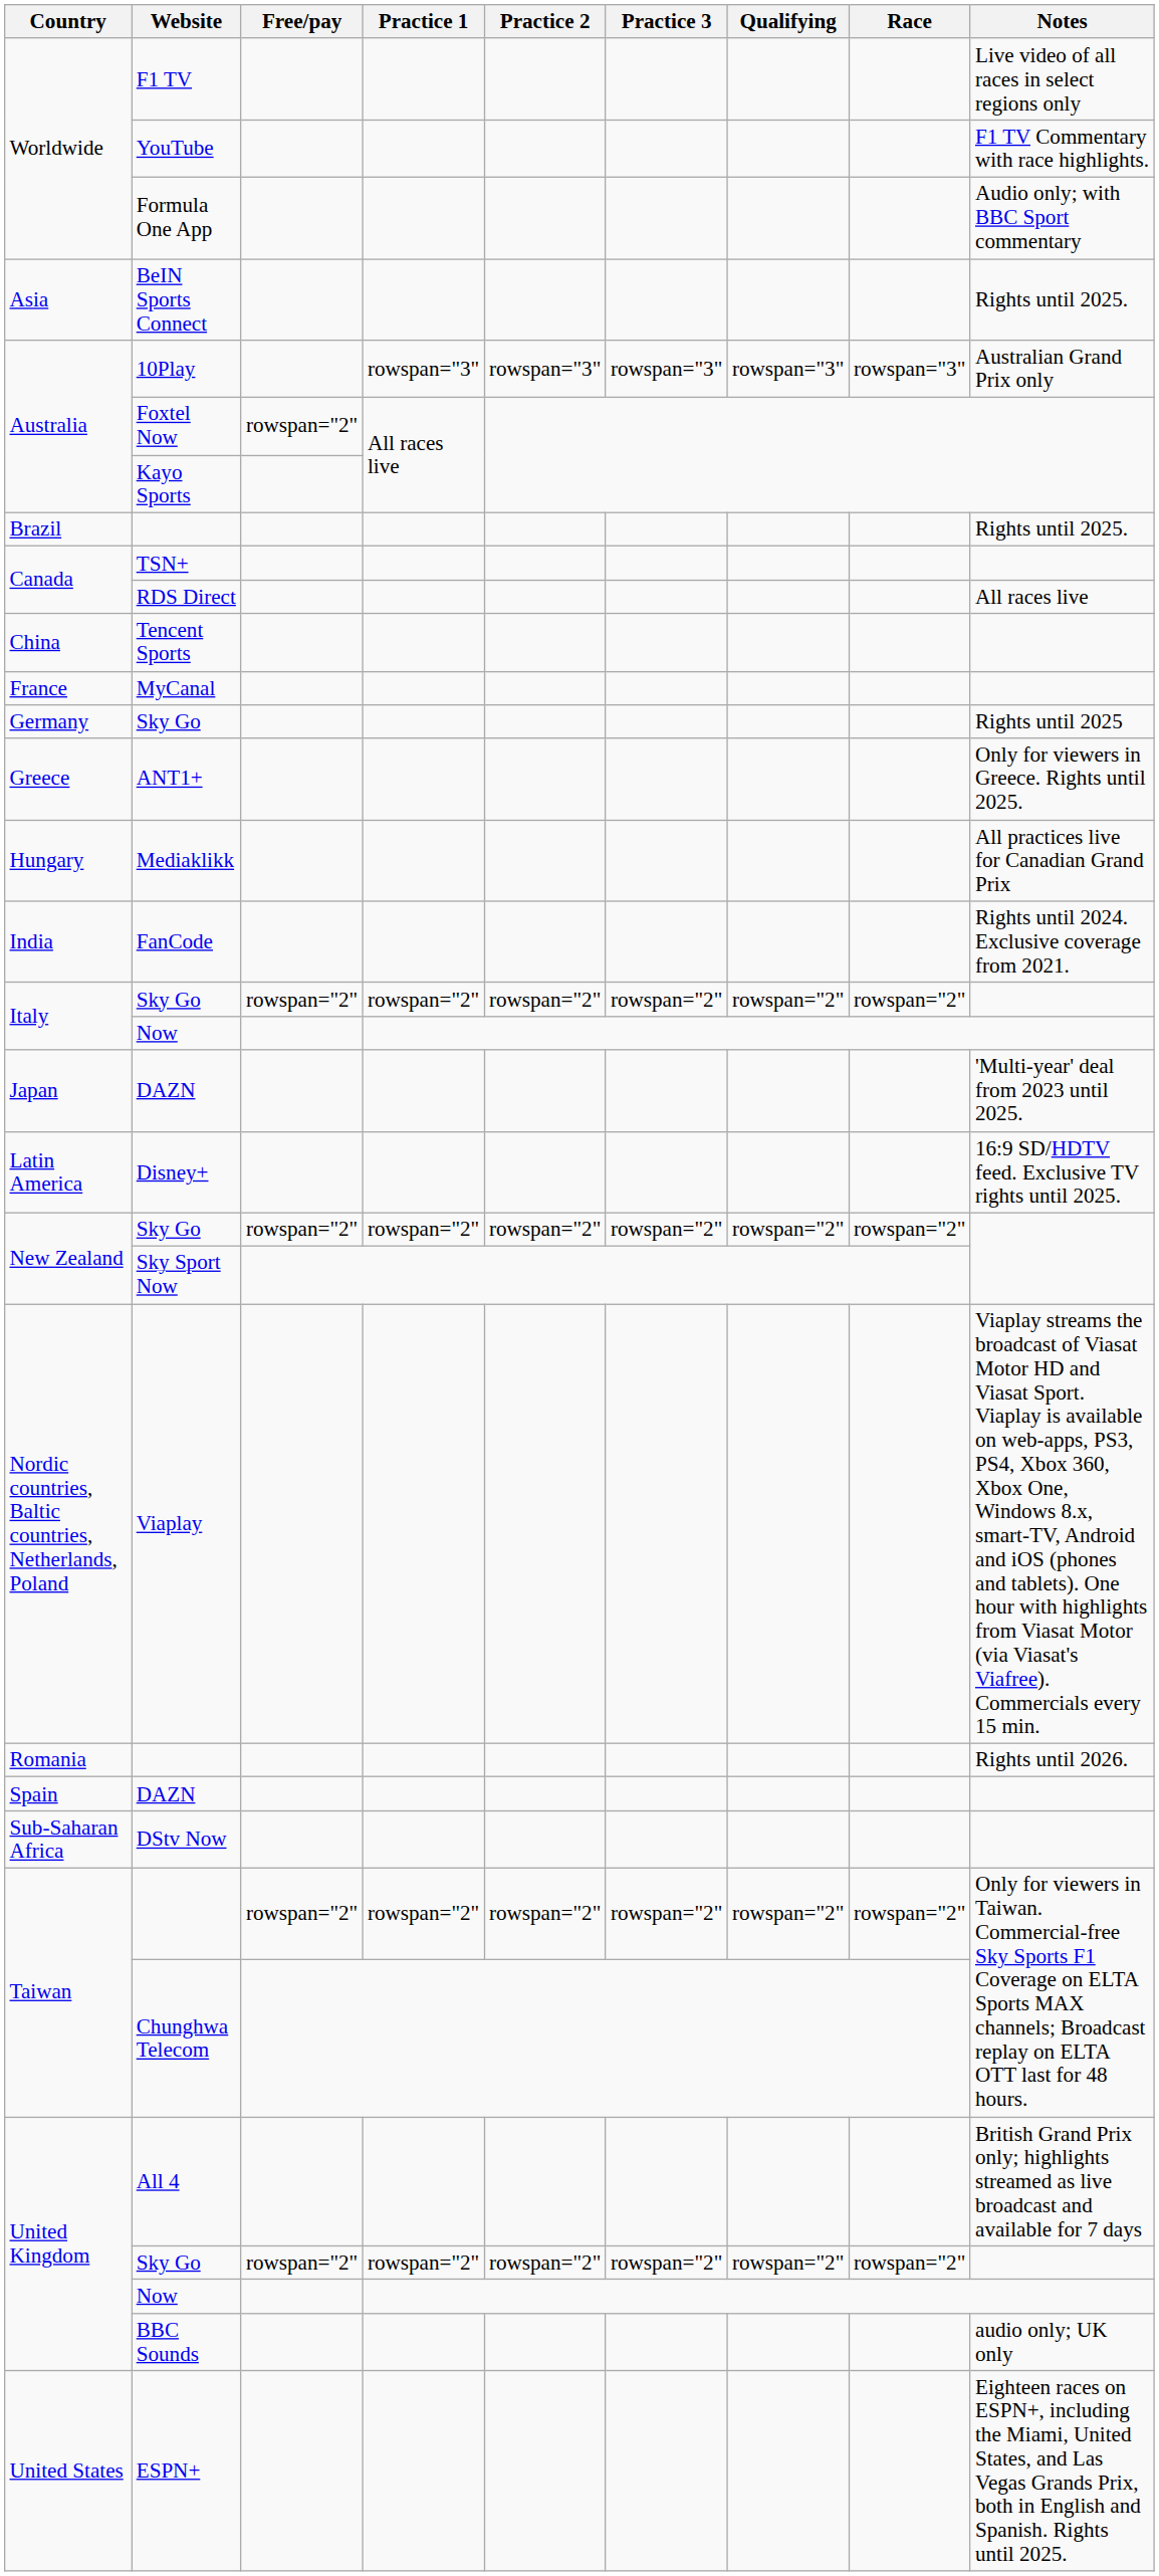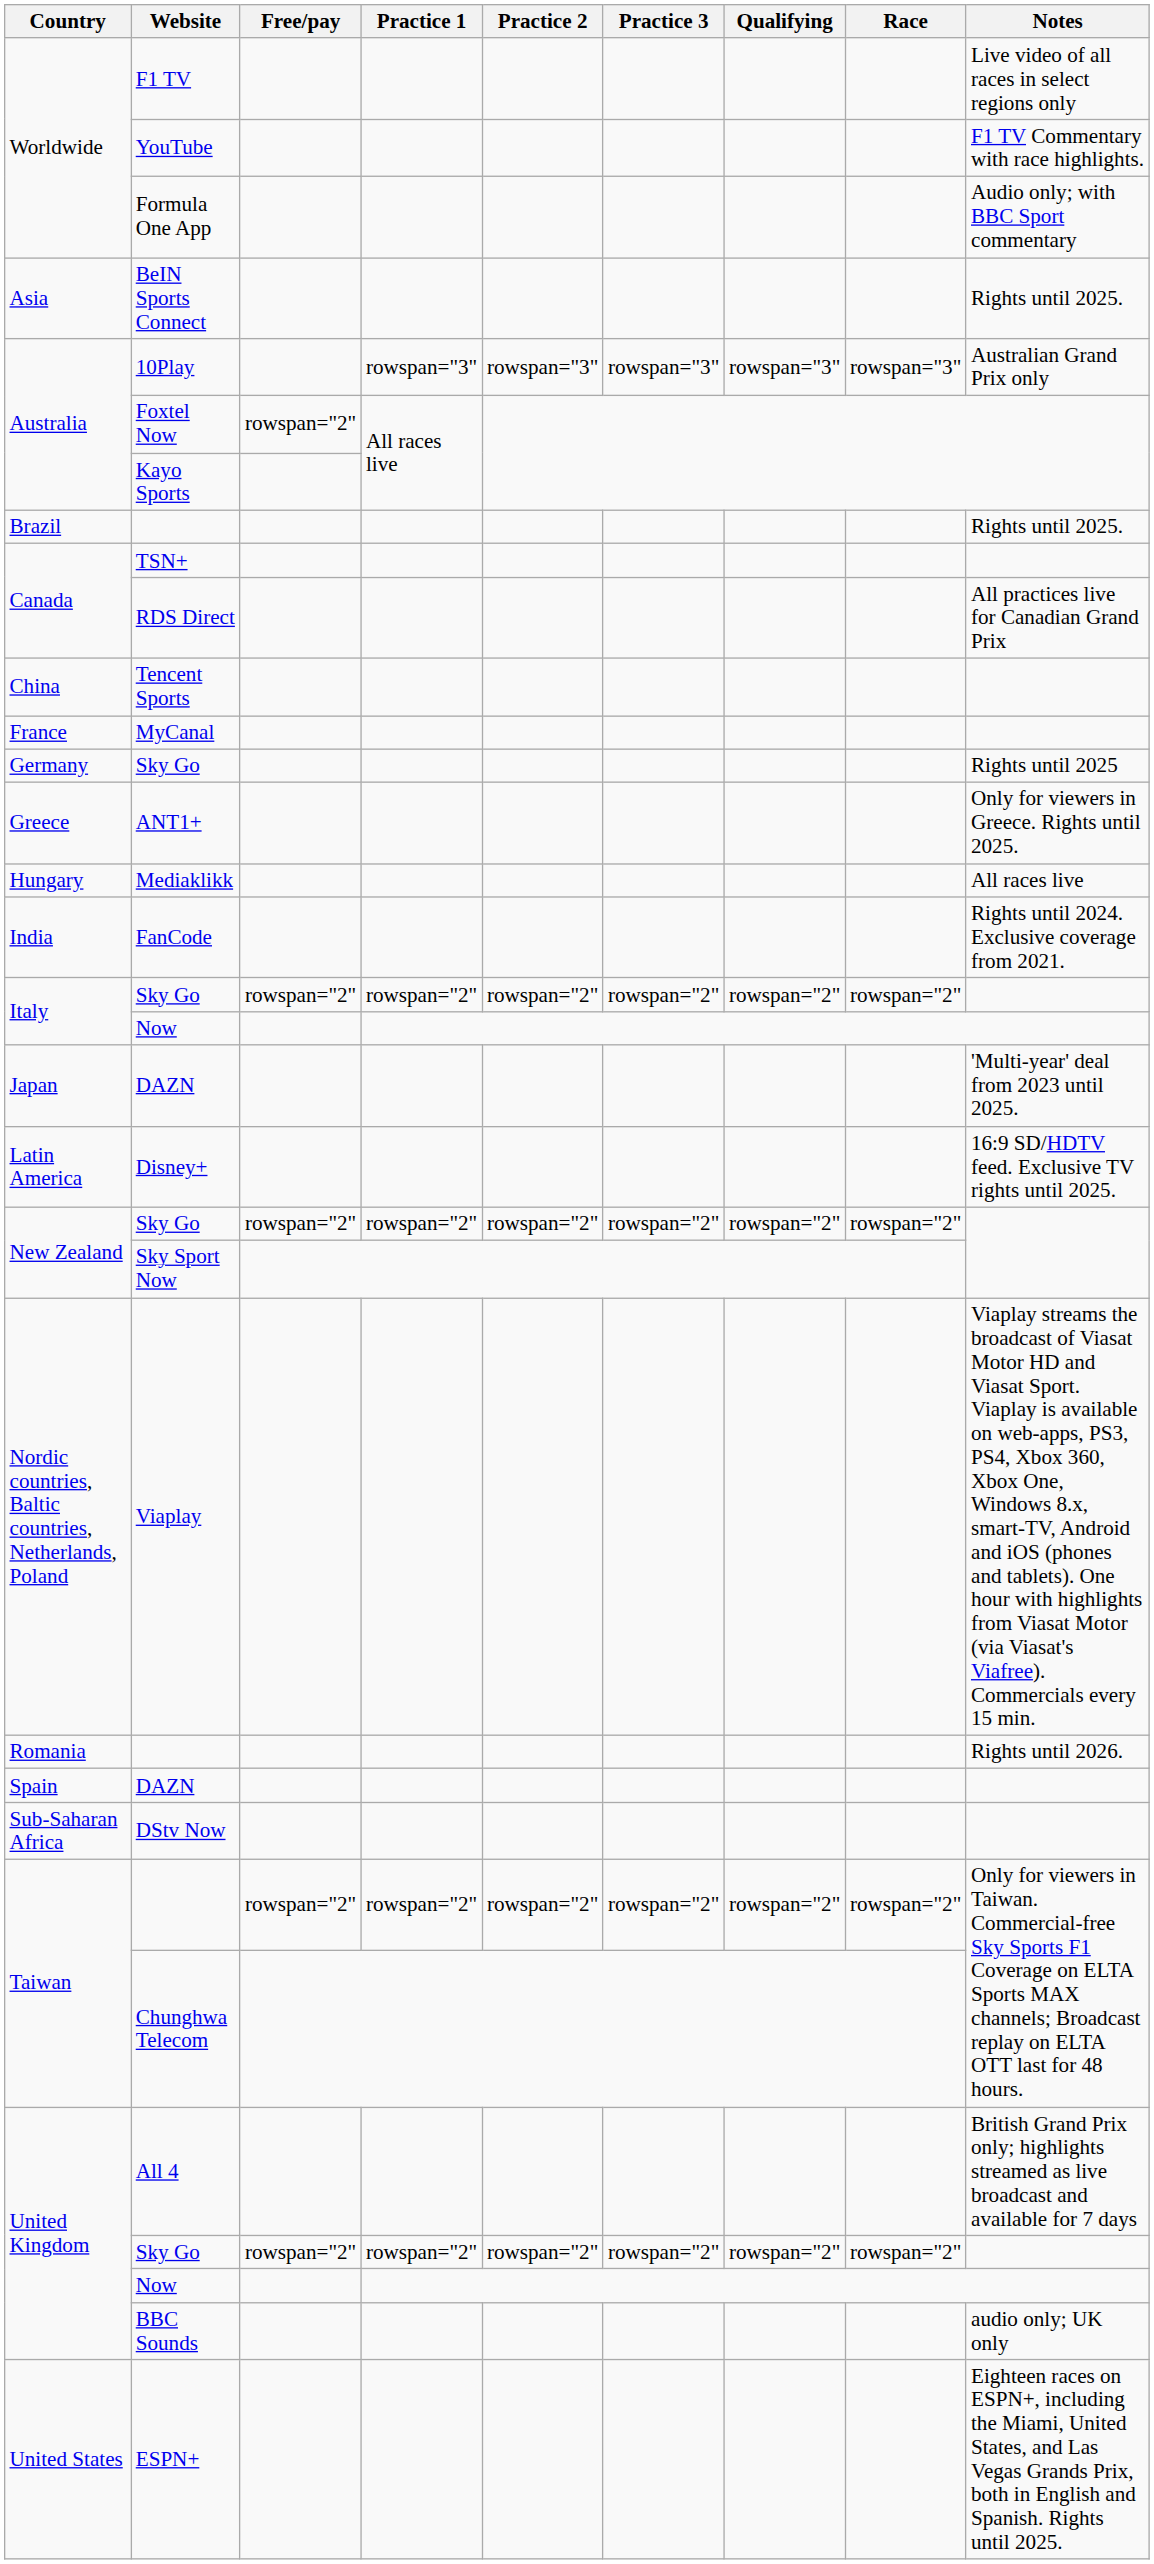 <table class="wikitable">
 <tr>
 <th>Country</th>
 <th>Website</th>
 <th>Free/pay</th>
 <th>Practice 1</th>
 <th>Practice 2</th>
 <th>Practice 3</th>
 <th>Qualifying</th>
 <th>Race</th>
 <th>Notes</th>
 </tr>
 <tr>
 <td rowspan="3">Worldwide</td>
 <td><a href='#'>F1 TV</a></td>
 <td></td>
 <td></td>
 <td></td>
 <td></td>
 <td></td>
 <td></td>
 <td>Live video of all races in select regions only</td>
 </tr>
 <tr>
 <td><a href='#'>YouTube</a></td>
 <td></td>
 <td></td>
 <td></td>
 <td></td>
 <td></td>
 <td></td>
 <td><a href='#'>F1 TV</a> Commentary with race highlights.</td>
 </tr>
 <tr>
 <td>Formula One App</td>
 <td></td>
 <td></td>
 <td></td>
 <td></td>
 <td></td>
 <td></td>
 <td>Audio only; with <a href='#'>BBC Sport</a> commentary</td>
 </tr>
 <tr>
 <td><a href='#'>Asia</a></td>
 <td><a href='#'>BeIN Sports Connect</a></td>
 <td></td>
 <td></td>
 <td></td>
 <td></td>
 <td></td>
 <td></td>
 <td>Rights until 2025.</td>
 </tr>
 <tr>
 <td rowspan="3"><a href='#'>Australia</a></td>
 <td><a href='#'>10Play</a></td>
 <td></td>
 <td>rowspan="3" </td>
 <td>rowspan="3" </td>
 <td>rowspan="3" </td>
 <td>rowspan="3" </td>
 <td>rowspan="3" </td>
 <td>Australian Grand Prix only</td>
 </tr>
 <tr>
 <td><a href='#'>Foxtel Now</a></td>
 <td>rowspan="2" </td>
 <td rowspan="2">All races live</td>
 </tr>
 <tr>
 <td><a href='#'>Kayo Sports</a></td>
 </tr>
 <tr>
 <td><a href='#'>Brazil</a></td>
 <td></td>
 <td></td>
 <td></td>
 <td></td>
 <td></td>
 <td></td>
 <td></td>
 <td>Rights until 2025.</td>
 </tr>
 <tr>
 <td rowspan="2"><a href='#'>Canada</a></td>
 <td><a href='#'>TSN+</a></td>
 <td></td>
 <td></td>
 <td></td>
 <td></td>
 <td></td>
 <td></td>
 <td></td>
 </tr>
 <tr>
 <td><a href='#'>RDS Direct</a></td>
 <td></td>
 <td></td>
 <td></td>
 <td></td>
 <td></td>
 <td></td>
-<td>All races live</td>
+<td>All practices live for Canadian Grand Prix</td>
 </tr>
 <tr>
 <td><a href='#'>China</a></td>
 <td><a href='#'>Tencent Sports</a></td>
 <td></td>
 <td></td>
 <td></td>
 <td></td>
 <td></td>
 <td></td>
 <td></td>
 </tr>
 <tr>
 <td><a href='#'>France</a></td>
 <td><a href='#'>MyCanal</a></td>
 <td></td>
 <td></td>
 <td></td>
 <td></td>
 <td></td>
 <td></td>
 <td></td>
 </tr>
 <tr>
 <td><a href='#'>Germany</a></td>
 <td><a href='#'>Sky Go</a></td>
 <td></td>
 <td></td>
 <td></td>
 <td></td>
 <td></td>
 <td></td>
 <td>Rights until 2025</td>
 </tr>
 <tr>
 <td><a href='#'>Greece</a></td>
 <td><a href='#'>ΑΝΤ1+</a></td>
 <td></td>
 <td></td>
 <td></td>
 <td></td>
 <td></td>
 <td></td>
 <td>Only for viewers in Greece. Rights until 2025.</td>
 </tr>
 <tr>
 <td><a href='#'>Hungary</a></td>
 <td><a href='#'>Mediaklikk</a></td>
 <td></td>
 <td></td>
 <td></td>
 <td></td>
 <td></td>
 <td></td>
-<td>All practices live for Canadian Grand Prix</td>
+<td>All races live</td>
 </tr>
 <tr>
 <td><a href='#'>India</a></td>
 <td><a href='#'>FanCode</a></td>
 <td></td>
 <td></td>
 <td></td>
 <td></td>
 <td></td>
 <td></td>
 <td>Rights until 2024. Exclusive coverage from 2021.</td>
 </tr>
 <tr>
 <td rowspan="2"><a href='#'>Italy</a></td>
 <td><a href='#'>Sky Go</a></td>
 <td>rowspan="2" </td>
 <td>rowspan="2" </td>
 <td>rowspan="2" </td>
 <td>rowspan="2" </td>
 <td>rowspan="2" </td>
 <td>rowspan="2" </td>
 <td></td>
 </tr>
 <tr>
 <td><a href='#'>Now</a></td>
 <td></td>
 </tr>
 <tr>
 <td><a href='#'>Japan</a></td>
 <td><a href='#'>DAZN</a></td>
 <td></td>
 <td></td>
 <td></td>
 <td></td>
 <td></td>
 <td></td>
 <td>'Multi-year' deal from 2023 until 2025.</td>
 </tr>
 <tr>
 <td><a href='#'>Latin America</a></td>
 <td><a href='#'>Disney+</a></td>
 <td></td>
 <td></td>
 <td></td>
 <td></td>
 <td></td>
 <td></td>
 <td>16:9 SD/<a href='#'>HDTV</a> feed. Exclusive TV rights until 2025.</td>
 </tr>
 <tr>
 <td rowspan="2"><a href='#'>New Zealand</a></td>
 <td><a href='#'>Sky Go</a></td>
 <td>rowspan="2" </td>
 <td>rowspan="2" </td>
 <td>rowspan="2" </td>
 <td>rowspan="2" </td>
 <td>rowspan="2" </td>
 <td>rowspan="2" </td>
 <td rowspan="2"></td>
 </tr>
 <tr>
 <td><a href='#'>Sky Sport Now</a></td>
 </tr>
 <tr>
 <td><a href='#'>Nordic countries</a>, <a href='#'>Baltic countries</a>, <a href='#'>Netherlands</a>, <a href='#'>Poland</a></td>
 <td><a href='#'>Viaplay</a></td>
 <td></td>
 <td></td>
 <td></td>
 <td></td>
 <td></td>
 <td></td>
 <td>Viaplay streams the broadcast of Viasat Motor HD and Viasat Sport. Viaplay is available on web-apps, PS3, PS4, Xbox 360, Xbox One, Windows 8.x, smart-TV, Android and iOS (phones and tablets). One hour with highlights from Viasat Motor (via Viasat's <a href='#'>Viafree</a>). Commercials every 15 min.</td>
 </tr>
 <tr>
 <td><a href='#'>Romania</a></td>
 <td></td>
 <td></td>
 <td></td>
 <td></td>
 <td></td>
 <td></td>
 <td></td>
 <td>Rights until 2026.</td>
 </tr>
 <tr>
 <td><a href='#'>Spain</a></td>
 <td><a href='#'>DAZN</a></td>
 <td></td>
 <td></td>
 <td></td>
 <td></td>
 <td></td>
 <td></td>
 <td></td>
 </tr>
 <tr>
 <td><a href='#'>Sub-Saharan Africa</a></td>
 <td><a href='#'>DStv Now</a></td>
 <td></td>
 <td></td>
 <td></td>
 <td></td>
 <td></td>
 <td></td>
 <td></td>
 </tr>
 <tr>
 <td rowspan="2"><a href='#'>Taiwan</a></td>
 <td></td>
 <td>rowspan="2" </td>
 <td>rowspan="2" </td>
 <td>rowspan="2" </td>
 <td>rowspan="2" </td>
 <td>rowspan="2" </td>
 <td>rowspan="2" </td>
 <td rowspan="2">Only for viewers in Taiwan. Commercial-free <a href='#'>Sky Sports F1</a> Coverage on ELTA Sports MAX channels; Broadcast replay on ELTA OTT last for 48 hours.</td>
 </tr>
 <tr>
 <td><a href='#'>Chunghwa Telecom</a> </td>
 </tr>
 <tr>
 <td rowspan="4"><a href='#'>United Kingdom</a></td>
 <td><a href='#'>All 4</a></td>
 <td></td>
 <td></td>
 <td></td>
 <td></td>
 <td></td>
 <td></td>
 <td>British Grand Prix only; highlights streamed as live broadcast and available for 7 days</td>
 </tr>
 <tr>
 <td><a href='#'>Sky Go</a></td>
 <td>rowspan="2" </td>
 <td>rowspan="2" </td>
 <td>rowspan="2" </td>
 <td>rowspan="2" </td>
 <td>rowspan="2" </td>
 <td>rowspan="2" </td>
 <td></td>
 </tr>
 <tr>
 <td><a href='#'>Now</a></td>
 <td></td>
 </tr>
 <tr>
 <td><a href='#'>BBC Sounds</a></td>
 <td></td>
 <td></td>
 <td></td>
 <td></td>
 <td></td>
 <td></td>
 <td>audio only; UK only</td>
 </tr>
 <tr>
 <td><a href='#'>United States</a></td>
 <td><a href='#'>ESPN+</a></td>
 <td></td>
 <td></td>
 <td></td>
 <td></td>
 <td></td>
 <td></td>
 <td>Eighteen races on ESPN+, including the Miami, United States, and Las Vegas Grands Prix, both in English and Spanish. Rights until 2025.</td>
 </tr>
 </table>
